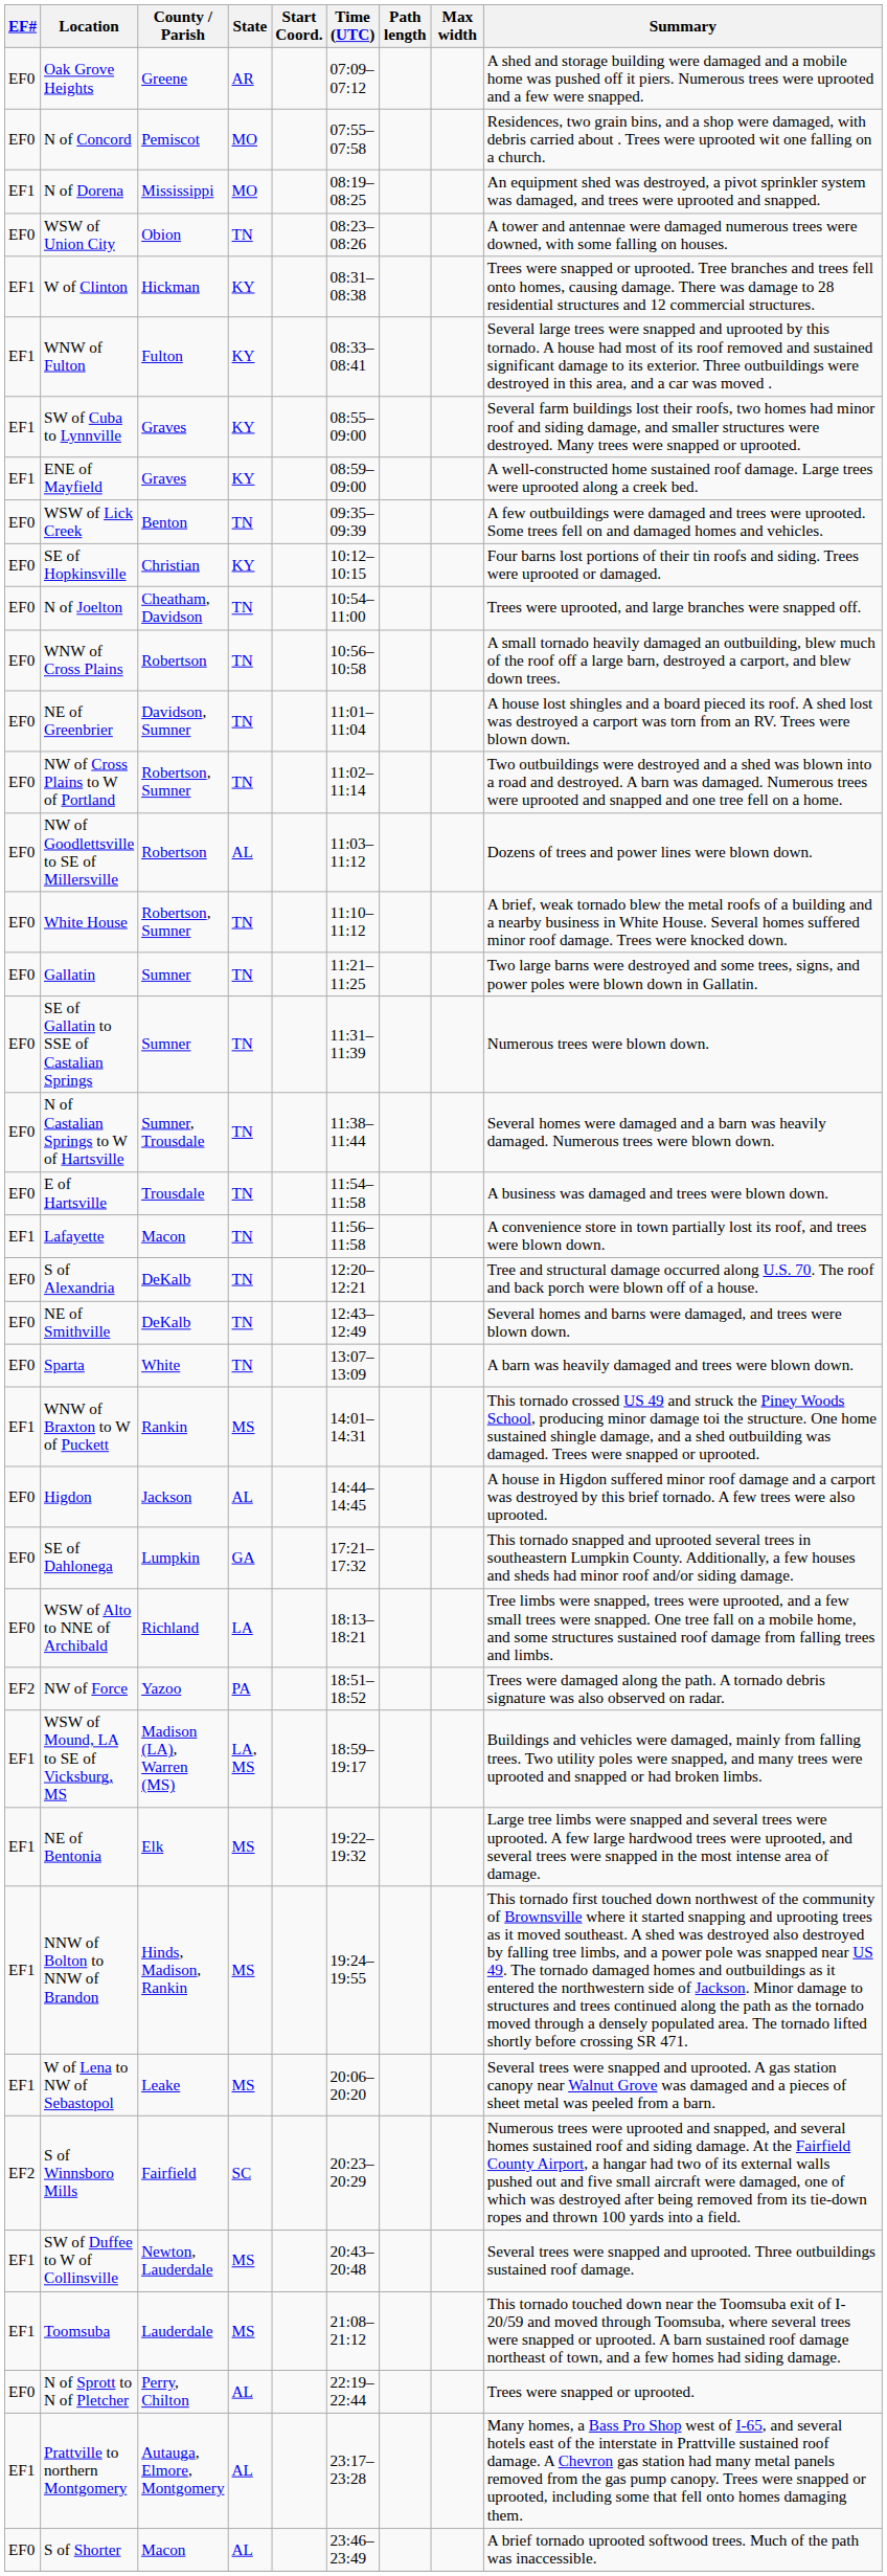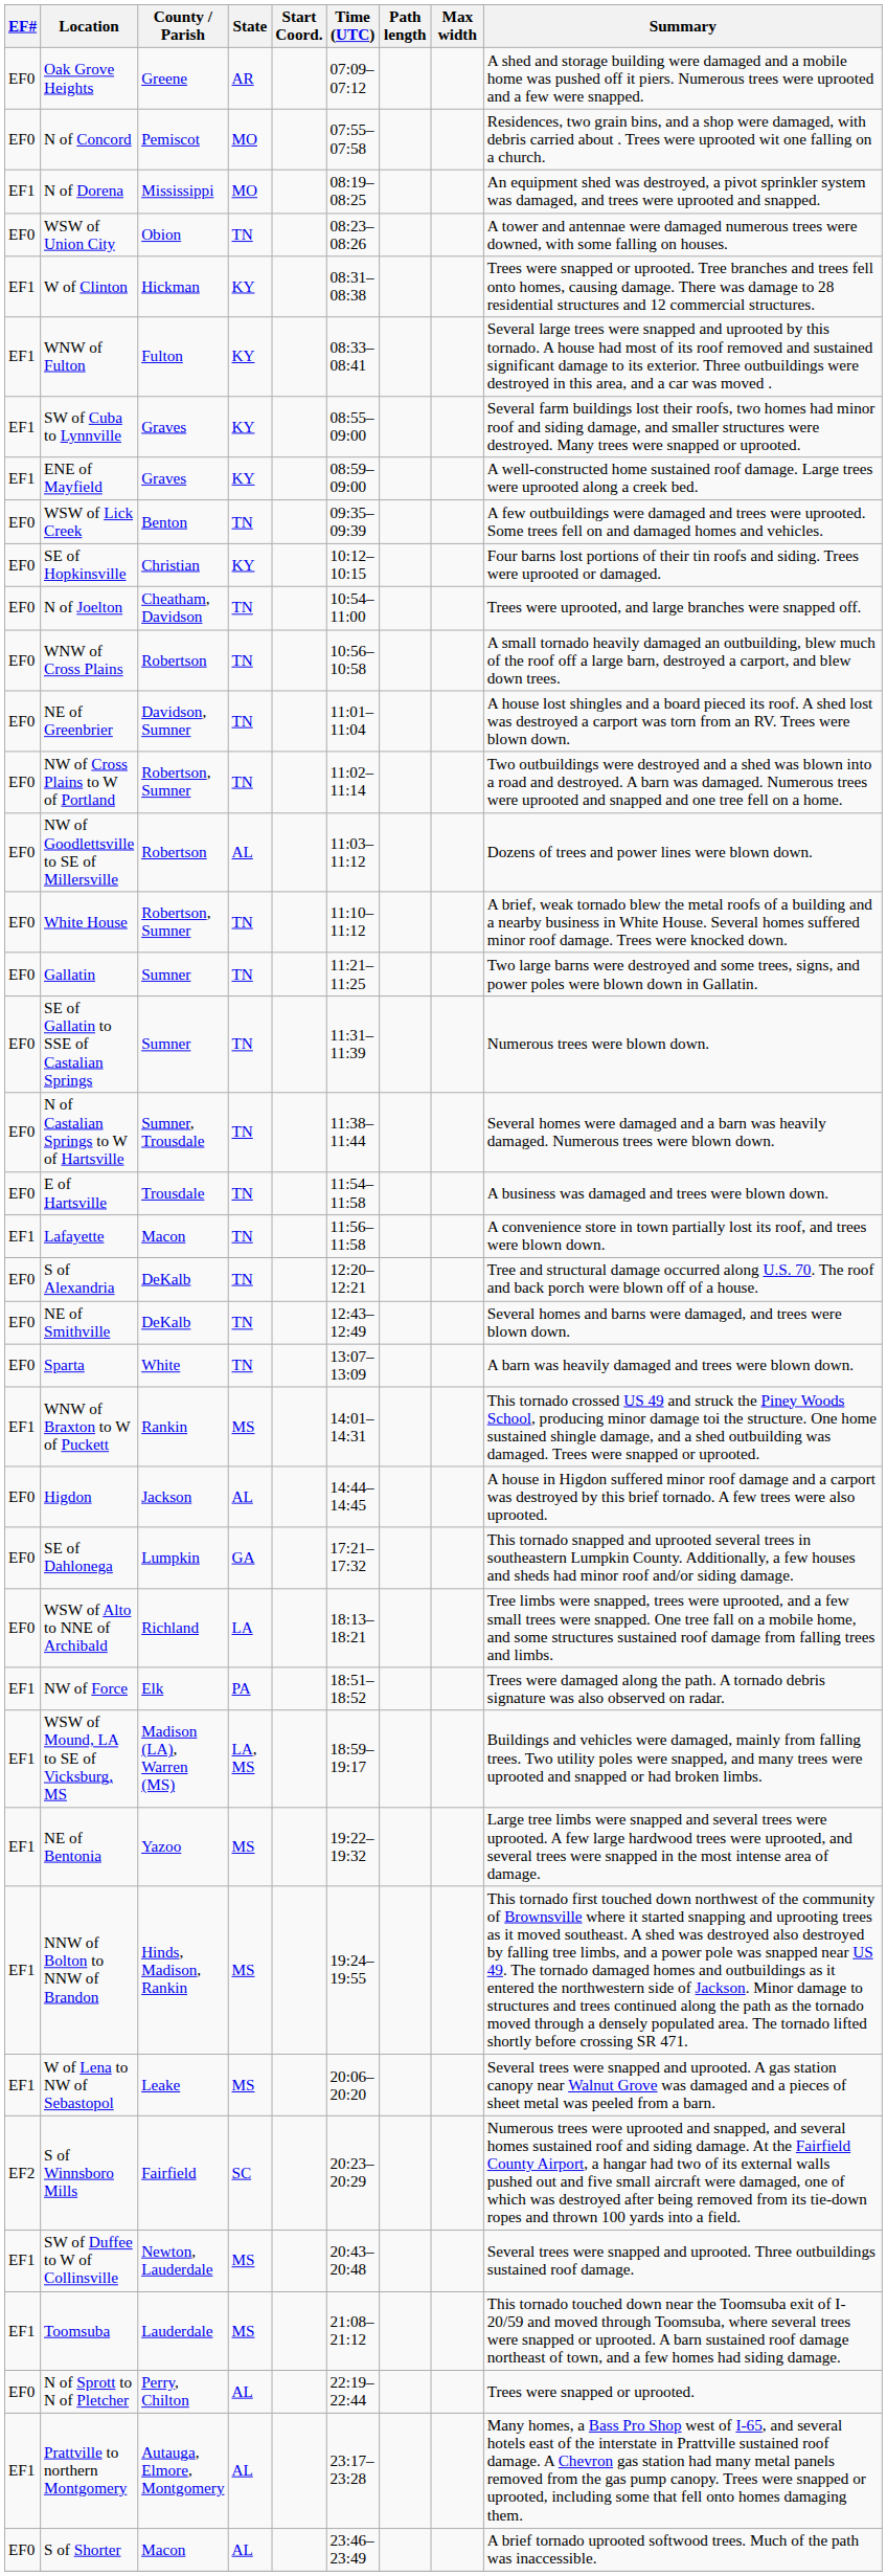 <table class="wikitable sortable" style="width:100%;">
 <tr>
 <th scope="col"  style="width:3%; text-align:center;"><a href='#'>EF#</a></th>
 <th scope="col"  style="width:7%; text-align:center;" class="unsortable">Location</th>
 <th scope="col"  style="width:6%; text-align:center;" class="unsortable">County / Parish</th>
 <th scope="col"  style="width:5%; text-align:center;">State</th>
 <th scope="col"  style="width:6%; text-align:center;">Start Coord.</th>
 <th scope="col"  style="width:6%; text-align:center;">Time (<a href='#'>UTC</a>)</th>
 <th scope="col"  style="width:6%; text-align:center;">Path length</th>
 <th scope="col"  style="width:6%; text-align:center;">Max width</th>
 <th scope="col" class="unsortable" style="width:48%; text-align:center;">Summary</th>
 </tr>
 <tr>
 <td>EF0</td>
 <td><a href='#'>Oak Grove Heights</a></td>
 <td><a href='#'>Greene</a></td>
 <td><a href='#'>AR</a></td>
 <td></td>
 <td>07:09–07:12</td>
 <td></td>
 <td></td>
 <td>A shed and storage building were damaged and a mobile home was pushed off it piers. Numerous trees were uprooted and a few were snapped.</td>
 </tr>
 <tr>
 <td>EF0</td>
 <td>N of <a href='#'>Concord</a></td>
 <td><a href='#'>Pemiscot</a></td>
 <td><a href='#'>MO</a></td>
 <td></td>
 <td>07:55–07:58</td>
 <td></td>
 <td></td>
 <td>Residences, two grain bins, and a shop were damaged, with debris carried about . Trees were uprooted wit one falling on a church.</td>
 </tr>
 <tr>
 <td>EF1</td>
 <td>N of <a href='#'>Dorena</a></td>
 <td><a href='#'>Mississippi</a></td>
 <td><a href='#'>MO</a></td>
 <td></td>
 <td>08:19–08:25</td>
 <td></td>
 <td></td>
 <td>An equipment shed was destroyed, a pivot sprinkler system was damaged, and trees were uprooted and snapped.</td>
 </tr>
 <tr>
 <td>EF0</td>
 <td>WSW of <a href='#'>Union City</a></td>
 <td><a href='#'>Obion</a></td>
 <td><a href='#'>TN</a></td>
 <td></td>
 <td>08:23–08:26</td>
 <td></td>
 <td></td>
 <td>A  tower and antennae were damaged numerous trees were downed, with some falling on houses.</td>
 </tr>
 <tr>
 <td>EF1</td>
 <td>W of <a href='#'>Clinton</a></td>
 <td><a href='#'>Hickman</a></td>
 <td><a href='#'>KY</a></td>
 <td></td>
 <td>08:31–08:38</td>
 <td></td>
 <td></td>
 <td>Trees were snapped or uprooted. Tree branches and trees fell onto homes, causing damage. There was damage to 28 residential structures and 12 commercial structures.</td>
 </tr>
 <tr>
 <td>EF1</td>
 <td>WNW of <a href='#'>Fulton</a></td>
 <td><a href='#'>Fulton</a></td>
 <td><a href='#'>KY</a></td>
 <td></td>
 <td>08:33–08:41</td>
 <td></td>
 <td></td>
 <td>Several large trees were snapped and uprooted by this tornado. A house had most of its roof removed and sustained significant damage to its exterior. Three outbuildings were destroyed in this area, and a car was moved .</td>
 </tr>
 <tr>
 <td>EF1</td>
 <td>SW of <a href='#'>Cuba</a> to <a href='#'>Lynnville</a></td>
 <td><a href='#'>Graves</a></td>
 <td><a href='#'>KY</a></td>
 <td></td>
 <td>08:55–09:00</td>
 <td></td>
 <td></td>
 <td>Several farm buildings lost their roofs, two homes had minor roof and siding damage, and smaller structures were destroyed. Many trees were snapped or uprooted.</td>
 </tr>
 <tr>
 <td>EF1</td>
 <td>ENE of <a href='#'>Mayfield</a></td>
 <td><a href='#'>Graves</a></td>
 <td><a href='#'>KY</a></td>
 <td></td>
 <td>08:59–09:00</td>
 <td></td>
 <td></td>
 <td>A well-constructed home sustained roof damage. Large trees were uprooted along a creek bed.</td>
 </tr>
 <tr>
 <td>EF0</td>
 <td>WSW of <a href='#'>Lick Creek</a></td>
 <td><a href='#'>Benton</a></td>
 <td><a href='#'>TN</a></td>
 <td></td>
 <td>09:35–09:39</td>
 <td></td>
 <td></td>
 <td>A few outbuildings were damaged and trees were uprooted. Some trees fell on and damaged homes and vehicles.</td>
 </tr>
 <tr>
 <td>EF0</td>
 <td>SE of <a href='#'>Hopkinsville</a></td>
 <td><a href='#'>Christian</a></td>
 <td><a href='#'>KY</a></td>
 <td></td>
 <td>10:12–10:15</td>
 <td></td>
 <td></td>
 <td>Four barns lost portions of their tin roofs and siding. Trees were uprooted or damaged.</td>
 </tr>
 <tr>
 <td>EF0</td>
 <td>N of <a href='#'>Joelton</a></td>
 <td><a href='#'>Cheatham</a>, <a href='#'>Davidson</a></td>
 <td><a href='#'>TN</a></td>
 <td></td>
 <td>10:54–11:00</td>
 <td></td>
 <td></td>
 <td>Trees were uprooted, and large branches were snapped off.</td>
 </tr>
 <tr>
 <td>EF0</td>
 <td>WNW of <a href='#'>Cross Plains</a></td>
 <td><a href='#'>Robertson</a></td>
 <td><a href='#'>TN</a></td>
 <td></td>
 <td>10:56–10:58</td>
 <td></td>
 <td></td>
 <td>A small tornado heavily damaged an outbuilding, blew much of the roof off a large barn, destroyed a carport, and blew down trees.</td>
 </tr>
 <tr>
 <td>EF0</td>
 <td>NE of <a href='#'>Greenbrier</a></td>
 <td><a href='#'>Davidson</a>, <a href='#'>Sumner</a></td>
 <td><a href='#'>TN</a></td>
 <td></td>
 <td>11:01–11:04</td>
 <td></td>
 <td></td>
 <td>A house lost shingles and a board pieced its roof. A shed lost was destroyed a carport was torn from an RV. Trees were blown down.</td>
 </tr>
 <tr>
 <td>EF0</td>
 <td>NW of <a href='#'>Cross Plains</a> to W of <a href='#'>Portland</a></td>
 <td><a href='#'>Robertson</a>, <a href='#'>Sumner</a></td>
 <td><a href='#'>TN</a></td>
 <td></td>
 <td>11:02–11:14</td>
 <td></td>
 <td></td>
 <td>Two outbuildings were destroyed and a shed was blown into a road and destroyed. A barn was damaged. Numerous trees were uprooted and snapped and one tree fell on a home.</td>
 </tr>
 <tr>
 <td>EF0</td>
 <td>NW of <a href='#'>Goodlettsville</a> to SE of <a href='#'>Millersville</a></td>
 <td><a href='#'>Robertson</a></td>
 <td><a href='#'>AL</a></td>
 <td></td>
 <td>11:03–11:12</td>
 <td></td>
 <td></td>
 <td>Dozens of trees and power lines were blown down.</td>
 </tr>
 <tr>
 <td>EF0</td>
 <td><a href='#'>White House</a></td>
 <td><a href='#'>Robertson</a>, <a href='#'>Sumner</a></td>
 <td><a href='#'>TN</a></td>
 <td></td>
 <td>11:10–11:12</td>
 <td></td>
 <td></td>
 <td>A brief, weak tornado blew the metal roofs of a building and a nearby business in White House. Several homes suffered minor roof damage. Trees were knocked down.</td>
 </tr>
 <tr>
 <td>EF0</td>
 <td><a href='#'>Gallatin</a></td>
 <td><a href='#'>Sumner</a></td>
 <td><a href='#'>TN</a></td>
 <td></td>
 <td>11:21–11:25</td>
 <td></td>
 <td></td>
 <td>Two large barns were destroyed and some trees, signs, and power poles were blown down in Gallatin.</td>
 </tr>
 <tr>
 <td>EF0</td>
 <td>SE of <a href='#'>Gallatin</a> to SSE of <a href='#'>Castalian Springs</a></td>
 <td><a href='#'>Sumner</a></td>
 <td><a href='#'>TN</a></td>
 <td></td>
 <td>11:31–11:39</td>
 <td></td>
 <td></td>
 <td>Numerous trees were blown down.</td>
 </tr>
 <tr>
 <td>EF0</td>
 <td>N of <a href='#'>Castalian Springs</a> to W of <a href='#'>Hartsville</a></td>
 <td><a href='#'>Sumner</a>, <a href='#'>Trousdale</a></td>
 <td><a href='#'>TN</a></td>
 <td></td>
 <td>11:38–11:44</td>
 <td></td>
 <td></td>
 <td>Several homes were damaged and a barn was heavily damaged. Numerous trees were blown down.</td>
 </tr>
 <tr>
 <td>EF0</td>
 <td>E of <a href='#'>Hartsville</a></td>
 <td><a href='#'>Trousdale</a></td>
 <td><a href='#'>TN</a></td>
 <td></td>
 <td>11:54–11:58</td>
 <td></td>
 <td></td>
 <td>A business was damaged and trees were blown down.</td>
 </tr>
 <tr>
 <td>EF1</td>
 <td><a href='#'>Lafayette</a></td>
 <td><a href='#'>Macon</a></td>
 <td><a href='#'>TN</a></td>
 <td></td>
 <td>11:56–11:58</td>
 <td></td>
 <td></td>
 <td>A convenience store in town partially lost its roof, and trees were blown down.</td>
 </tr>
 <tr>
 <td>EF0</td>
 <td>S of <a href='#'>Alexandria</a></td>
 <td><a href='#'>DeKalb</a></td>
 <td><a href='#'>TN</a></td>
 <td></td>
 <td>12:20–12:21</td>
 <td></td>
 <td></td>
 <td>Tree and structural damage occurred along <a href='#'>U.S. 70</a>. The roof and back porch were blown off of a house.</td>
 </tr>
 <tr>
 <td>EF0</td>
 <td>NE of <a href='#'>Smithville</a></td>
 <td><a href='#'>DeKalb</a></td>
 <td><a href='#'>TN</a></td>
 <td></td>
 <td>12:43–12:49</td>
 <td></td>
 <td></td>
 <td>Several homes and barns were damaged, and trees were blown down.</td>
 </tr>
 <tr>
 <td>EF0</td>
 <td><a href='#'>Sparta</a></td>
 <td><a href='#'>White</a></td>
 <td><a href='#'>TN</a></td>
 <td></td>
 <td>13:07–13:09</td>
 <td></td>
 <td></td>
 <td>A barn was heavily damaged and trees were blown down.</td>
 </tr>
 <tr>
 <td>EF1</td>
 <td>WNW of <a href='#'>Braxton</a> to W of <a href='#'>Puckett</a></td>
 <td><a href='#'>Rankin</a></td>
 <td><a href='#'>MS</a></td>
 <td></td>
 <td>14:01–14:31</td>
 <td></td>
 <td></td>
 <td>This tornado crossed <a href='#'>US 49</a> and struck the <a href='#'>Piney Woods School</a>, producing minor damage toi the structure. One home sustained shingle damage, and a shed outbuilding was damaged. Trees were snapped or uprooted.</td>
 </tr>
 <tr>
 <td>EF0</td>
 <td><a href='#'>Higdon</a></td>
 <td><a href='#'>Jackson</a></td>
 <td><a href='#'>AL</a></td>
 <td></td>
 <td>14:44–14:45</td>
 <td></td>
 <td></td>
 <td>A house in Higdon suffered minor roof damage and a carport was destroyed by this brief tornado. A few trees were also uprooted.</td>
 </tr>
 <tr>
 <td>EF0</td>
 <td>SE of <a href='#'>Dahlonega</a></td>
 <td><a href='#'>Lumpkin</a></td>
 <td><a href='#'>GA</a></td>
 <td></td>
 <td>17:21–17:32</td>
 <td></td>
 <td></td>
 <td>This tornado snapped and uprooted several trees in southeastern Lumpkin County. Additionally, a few houses and sheds had minor roof and/or siding damage.</td>
 </tr>
 <tr>
 <td>EF0</td>
 <td>WSW of <a href='#'>Alto</a> to NNE of <a href='#'>Archibald</a></td>
 <td><a href='#'>Richland</a></td>
 <td><a href='#'>LA</a></td>
 <td></td>
 <td>18:13–18:21</td>
 <td></td>
 <td></td>
 <td>Tree limbs were snapped, trees were uprooted, and a few small trees were snapped. One tree fall on a mobile home, and some structures sustained roof damage from falling trees and limbs.</td>
 </tr>
 <tr>
-<td>EF2</td>
+<td>EF1</td>
 <td>NW of <a href='#'>Force</a></td>
-<td><a href='#'>Yazoo</a></td>
+<td><a href='#'>Elk</a></td>
 <td><a href='#'>PA</a></td>
 <td></td>
 <td>18:51–18:52</td>
 <td></td>
 <td></td>
 <td>Trees were damaged along the path. A tornado debris signature was also observed on radar.</td>
 </tr>
 <tr>
 <td>EF1</td>
 <td>WSW of <a href='#'>Mound, LA</a> to SE of <a href='#'>Vicksburg, MS</a></td>
 <td><a href='#'>Madison (LA)</a>, <a href='#'>Warren (MS)</a></td>
 <td><a href='#'>LA</a>, <a href='#'>MS</a></td>
 <td></td>
 <td>18:59–19:17</td>
 <td></td>
 <td></td>
 <td>Buildings and vehicles were damaged, mainly from falling trees. Two utility poles were snapped, and many trees were uprooted and snapped or had broken limbs.</td>
 </tr>
 <tr>
 <td>EF1</td>
 <td>NE of <a href='#'>Bentonia</a></td>
-<td><a href='#'>Elk</a></td>
+<td><a href='#'>Yazoo</a></td>
 <td><a href='#'>MS</a></td>
 <td></td>
 <td>19:22–19:32</td>
 <td></td>
 <td></td>
 <td>Large tree limbs were snapped and several trees were uprooted. A few large hardwood trees were uprooted, and several trees were snapped in the most intense area of damage.</td>
 </tr>
 <tr>
 <td>EF1</td>
 <td>NNW of <a href='#'>Bolton</a> to NNW of <a href='#'>Brandon</a></td>
 <td><a href='#'>Hinds</a>, <a href='#'>Madison</a>, <a href='#'>Rankin</a></td>
 <td><a href='#'>MS</a></td>
 <td></td>
 <td>19:24–19:55</td>
 <td></td>
 <td></td>
 <td>This tornado first touched down northwest of the community of <a href='#'>Brownsville</a> where it started snapping and uprooting trees as it moved southeast. A shed was destroyed also destroyed by falling tree limbs, and a power pole was snapped near <a href='#'>US 49</a>. The tornado damaged homes and outbuildings as it entered the northwestern side of <a href='#'>Jackson</a>. Minor damage to structures and trees continued along the path as the tornado moved through a densely populated area. The tornado lifted shortly before crossing SR 471.</td>
 </tr>
 <tr>
 <td>EF1</td>
 <td>W of <a href='#'>Lena</a> to NW of <a href='#'>Sebastopol</a></td>
 <td><a href='#'>Leake</a></td>
 <td><a href='#'>MS</a></td>
 <td></td>
 <td>20:06–20:20</td>
 <td></td>
 <td></td>
 <td>Several trees were snapped and uprooted. A gas station canopy near <a href='#'>Walnut Grove</a> was damaged and a pieces of sheet metal was peeled from a barn.</td>
 </tr>
 <tr>
 <td>EF2</td>
 <td>S of <a href='#'>Winnsboro Mills</a></td>
 <td><a href='#'>Fairfield</a></td>
 <td><a href='#'>SC</a></td>
 <td></td>
 <td>20:23–20:29</td>
 <td></td>
 <td></td>
 <td>Numerous trees were uprooted and snapped, and several homes sustained roof and siding damage. At the <a href='#'>Fairfield County Airport</a>, a hangar had two of its external walls pushed out and five small aircraft were damaged, one of which was destroyed after being removed from its tie-down ropes and thrown 100 yards into a field.</td>
 </tr>
 <tr>
 <td>EF1</td>
 <td>SW of <a href='#'>Duffee</a> to W of <a href='#'>Collinsville</a></td>
 <td><a href='#'>Newton</a>, <a href='#'>Lauderdale</a></td>
 <td><a href='#'>MS</a></td>
 <td></td>
 <td>20:43–20:48</td>
 <td></td>
 <td></td>
 <td>Several trees were snapped and uprooted. Three outbuildings sustained roof damage.</td>
 </tr>
 <tr>
 <td>EF1</td>
 <td><a href='#'>Toomsuba</a></td>
 <td><a href='#'>Lauderdale</a></td>
 <td><a href='#'>MS</a></td>
 <td></td>
 <td>21:08–21:12</td>
 <td></td>
 <td></td>
 <td>This tornado touched down near the Toomsuba exit of I-20/59 and moved through Toomsuba, where several trees were snapped or uprooted. A barn sustained roof damage northeast of town, and a few homes had siding damage.</td>
 </tr>
 <tr>
 <td>EF0</td>
 <td>N of <a href='#'>Sprott</a> to N of <a href='#'>Pletcher</a></td>
 <td><a href='#'>Perry</a>, <a href='#'>Chilton</a></td>
 <td><a href='#'>AL</a></td>
 <td></td>
 <td>22:19–22:44</td>
 <td></td>
 <td></td>
 <td>Trees were snapped or uprooted.</td>
 </tr>
 <tr>
 <td>EF1</td>
 <td><a href='#'>Prattville</a> to northern <a href='#'>Montgomery</a></td>
 <td><a href='#'>Autauga</a>, <a href='#'>Elmore</a>, <a href='#'>Montgomery</a></td>
 <td><a href='#'>AL</a></td>
 <td></td>
 <td>23:17–23:28</td>
 <td></td>
 <td></td>
 <td>Many homes, a <a href='#'>Bass Pro Shop</a> west of <a href='#'>I-65</a>, and several hotels east of the interstate in Prattville sustained roof damage. A <a href='#'>Chevron</a> gas station had many metal panels removed from the gas pump canopy. Trees were snapped or uprooted, including some that fell onto homes damaging them.</td>
 </tr>
 <tr>
 <td>EF0</td>
 <td>S of <a href='#'>Shorter</a></td>
 <td><a href='#'>Macon</a></td>
 <td><a href='#'>AL</a></td>
 <td></td>
 <td>23:46–23:49</td>
 <td></td>
 <td></td>
 <td>A brief tornado uprooted softwood trees. Much of the path was inaccessible.</td>
 </tr>
 <tr>
 </tr>
 </table>
